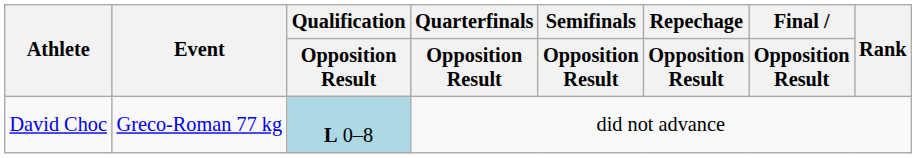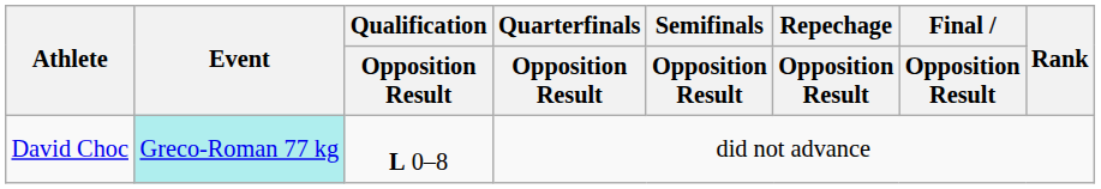 <table class="wikitable" border="1" style="font-size:90%">
 <tr>
 <th rowspan=2>Athlete</th>
 <th rowspan=2>Event</th>
 <th>Qualification</th>
 <th>Quarterfinals</th>
 <th>Semifinals</th>
 <th>Repechage</th>
 <th>Final / </th>
 <th rowspan=2>Rank</th>
 </tr>
 <tr>
 <th>Opposition<br>Result</th>
 <th>Opposition<br>Result</th>
 <th>Opposition<br>Result</th>
 <th>Opposition<br>Result</th>
 <th>Opposition<br>Result</th>
 </tr>
 <tr align=center>
 <td align=left><a href='#'>David Choc</a></td>
-<td align=left><a href='#'>Greco-Roman 77 kg</a></td>
-<td style="background: lightblue;"><br><strong>L</strong> 0–8</td>
+<td align=left style="background: paleturquoise;"><a href='#'>Greco-Roman 77 kg</a></td>
+<td><br><strong>L</strong> 0–8</td>
 <td colspan=5>did not advance</td>
 </tr>
 </table>
